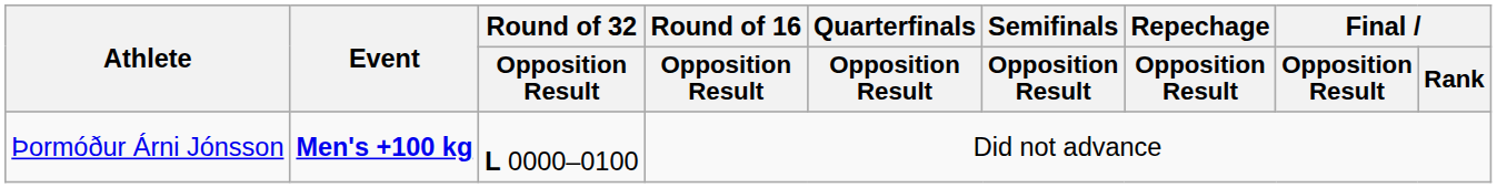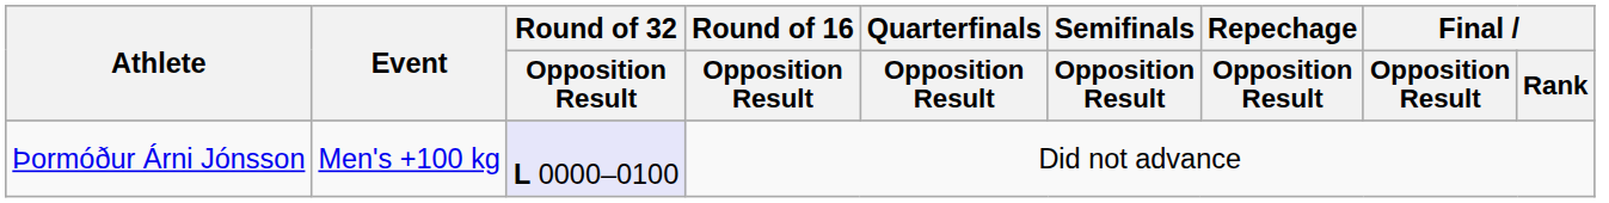 <table class="wikitable" style="font-size:90%">
 <tr>
 <th rowspan=2>Athlete</th>
 <th rowspan=2>Event</th>
 <th>Round of 32</th>
 <th>Round of 16</th>
 <th>Quarterfinals</th>
 <th>Semifinals</th>
 <th>Repechage</th>
 <th colspan=2>Final / </th>
 </tr>
 <tr style="font-size:95%">
 <th>Opposition<br>Result</th>
 <th>Opposition<br>Result</th>
 <th>Opposition<br>Result</th>
 <th>Opposition<br>Result</th>
 <th>Opposition<br>Result</th>
 <th>Opposition<br>Result</th>
 <th>Rank</th>
 </tr>
 <tr align=center>
 <td align=left><a href='#'>Þormóður Árni Jónsson</a></td>
-<td align=left><strong><a href='#'>Men's +100 kg</a></strong></td>
-<td><br><strong>L</strong> 0000–0100</td>
+<td align=left><a href='#'>Men's +100 kg</a></td>
+<td style="background: lavender;"><br><strong>L</strong> 0000–0100</td>
 <td colspan=6>Did not advance</td>
 </tr>
 </table>
